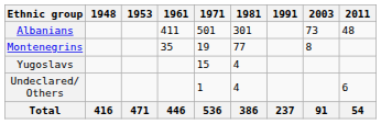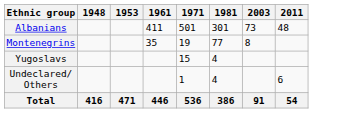 <table class="wikitable" border="1">
 <tr>
 <th>Ethnic group</th>
 <th style=width:3em>1948</th>
 <th style=width:3em>1953</th>
 <th style=width:3em>1961</th>
 <th style=width:3em>1971</th>
 <th style=width:3em>1981</th>
-<th style=width:3em>1991</th>
 <th style=width:3em>2003</th>
 <th style=width:3em>2011</th>
 </tr>
 <tr>
 <th style=font-weight:300><a href='#'>Albanians</a></th>
 <td></td>
 <td></td>
 <td>411</td>
 <td>501</td>
 <td>301</td>
-<td></td>
 <td>73</td>
 <td>48</td>
 </tr>
 <tr>
 <th style=font-weight:300><a href='#'>Montenegrins</a></th>
 <td></td>
 <td></td>
 <td>35</td>
 <td>19</td>
 <td>77</td>
-<td></td>
 <td>8</td>
 <td></td>
 </tr>
 <tr>
 <th style=font-weight:300>Yugoslavs</th>
 <td></td>
 <td></td>
 <td></td>
 <td>15</td>
 <td>4</td>
 <td></td>
 <td></td>
-<td></td>
 </tr>
 <tr>
 <th style=font-weight:300>Undeclared/<br>Others</th>
 <td></td>
 <td></td>
 <td></td>
 <td>1</td>
 <td>4</td>
-<td></td>
 <td></td>
 <td>6</td>
 </tr>
 <tr>
 <th>Total</th>
 <th>416</th>
 <th>471</th>
 <th>446</th>
 <th>536</th>
 <th>386</th>
-<th>237</th>
 <th>91</th>
 <th>54</th>
 </tr>
 </table>
